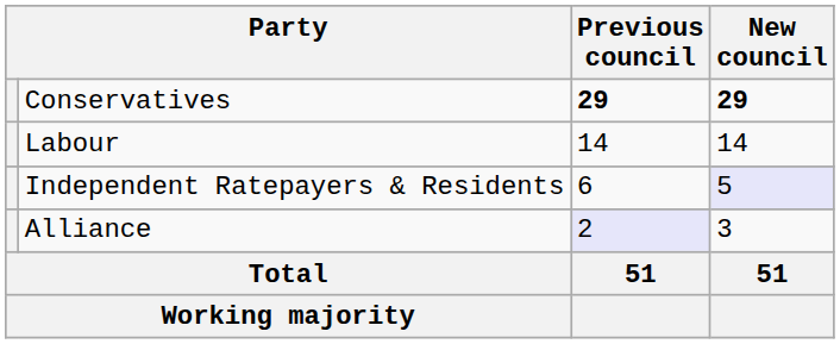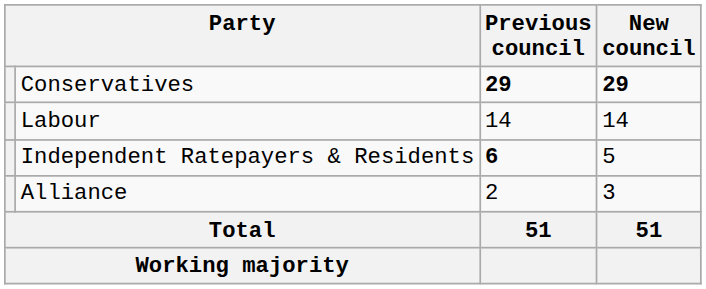 <table class="wikitable">
 <tr>
 <th valign=top colspan="2" style="width: 230px">Party</th>
 <th valign=top style="width: 30px">Previous council</th>
 <th valign=top style="width: 30px">New council</th>
 </tr>
 <tr>
 <th style="background-color: "></th>
 <td>Conservatives</td>
 <td><strong>29</strong></td>
 <td><strong>29</strong></td>
 </tr>
 <tr>
 <th style="background-color: "></th>
 <td>Labour</td>
 <td>14</td>
 <td>14</td>
 </tr>
 <tr>
 <th style="background-color: "></th>
 <td>Independent Ratepayers & Residents</td>
-<td>6</td>
-<td style="background: lavender;">5</td>
+<td><strong>6</strong></td>
+<td>5</td>
 </tr>
 <tr>
 <th style="background-color: "></th>
 <td>Alliance</td>
-<td style="background: lavender;">2</td>
+<td>2</td>
 <td>3</td>
 </tr>
 <tr>
 <th colspan=2>Total</th>
 <th style="text-align: center">51</th>
 <th colspan=3>51</th>
 </tr>
 <tr>
 <th colspan=2>Working majority</th>
 <th></th>
 <th></th>
 </tr>
 </table>
